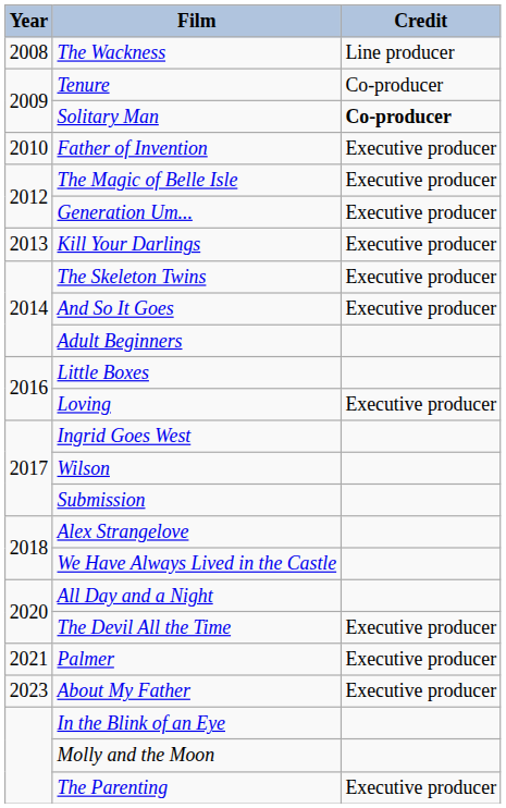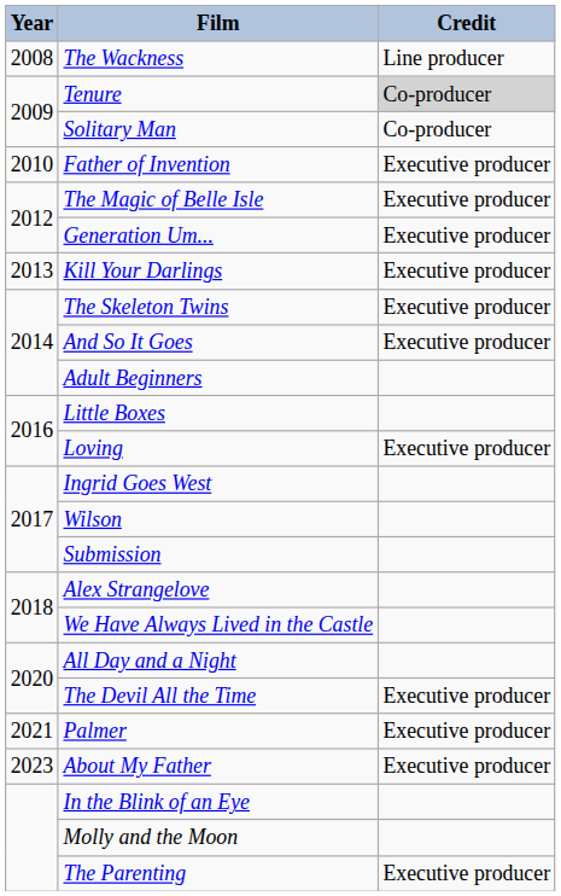 <table class="wikitable" style="font-size:95%;">
 <tr>
 <th style="background:#B0C4DE;">Year</th>
 <th style="background:#B0C4DE;">Film</th>
 <th style="background:#B0C4DE;">Credit</th>
 </tr>
 <tr>
 <td>2008</td>
 <td><em><a href='#'>The Wackness</a></em></td>
 <td>Line producer</td>
 </tr>
 <tr>
 <td rowspan=2>2009</td>
 <td><em><a href='#'>Tenure</a></em></td>
-<td>Co-producer</td>
+<td style="background: lightgrey;">Co-producer</td>
 </tr>
 <tr>
 <td><em><a href='#'>Solitary Man</a></em></td>
-<td><strong>Co-producer</strong></td>
+<td>Co-producer</td>
 </tr>
 <tr>
 <td>2010</td>
 <td><em><a href='#'>Father of Invention</a></em></td>
 <td>Executive producer</td>
 </tr>
 <tr>
 <td rowspan=2>2012</td>
 <td><em><a href='#'>The Magic of Belle Isle</a></em></td>
 <td>Executive producer</td>
 </tr>
 <tr>
 <td><em><a href='#'>Generation Um...</a></em></td>
 <td>Executive producer</td>
 </tr>
 <tr>
 <td>2013</td>
 <td><em><a href='#'>Kill Your Darlings</a></em></td>
 <td>Executive producer</td>
 </tr>
 <tr>
 <td rowspan=3>2014</td>
 <td><em><a href='#'>The Skeleton Twins</a></em></td>
 <td>Executive producer</td>
 </tr>
 <tr>
 <td><em><a href='#'>And So It Goes</a></em></td>
 <td>Executive producer</td>
 </tr>
 <tr>
 <td><em><a href='#'>Adult Beginners</a></em></td>
 <td></td>
 </tr>
 <tr>
 <td rowspan=2>2016</td>
 <td><em><a href='#'>Little Boxes</a></em></td>
 <td></td>
 </tr>
 <tr>
 <td><em><a href='#'>Loving</a></em></td>
 <td>Executive producer</td>
 </tr>
 <tr>
 <td rowspan=3>2017</td>
 <td><em><a href='#'>Ingrid Goes West</a></em></td>
 <td></td>
 </tr>
 <tr>
 <td><em><a href='#'>Wilson</a></em></td>
 <td></td>
 </tr>
 <tr>
 <td><em><a href='#'>Submission</a></em></td>
 <td></td>
 </tr>
 <tr>
 <td rowspan=2>2018</td>
 <td><em><a href='#'>Alex Strangelove</a></em></td>
 <td></td>
 </tr>
 <tr>
 <td><em><a href='#'>We Have Always Lived in the Castle</a></em></td>
 <td></td>
 </tr>
 <tr>
 <td rowspan=2>2020</td>
 <td><em><a href='#'>All Day and a Night</a></em></td>
 <td></td>
 </tr>
 <tr>
 <td><em><a href='#'>The Devil All the Time</a></em></td>
 <td>Executive producer</td>
 </tr>
 <tr>
 <td>2021</td>
 <td><em><a href='#'>Palmer</a></em></td>
 <td>Executive producer</td>
 </tr>
 <tr>
 <td>2023</td>
 <td><em><a href='#'>About My Father</a></em></td>
 <td>Executive producer</td>
 </tr>
 <tr>
 <td rowspan=3></td>
 <td><em><a href='#'>In the Blink of an Eye</a></em></td>
 <td></td>
 </tr>
 <tr>
 <td><em>Molly and the Moon</em></td>
 <td></td>
 </tr>
 <tr>
 <td><em><a href='#'>The Parenting</a></em></td>
 <td>Executive producer</td>
 </tr>
 </table>
